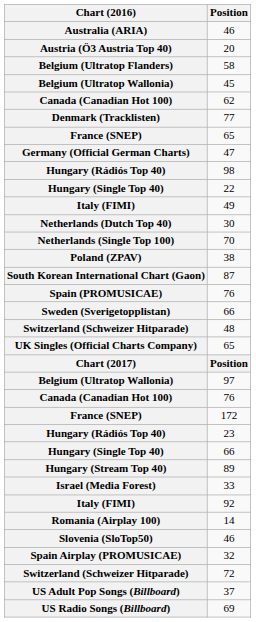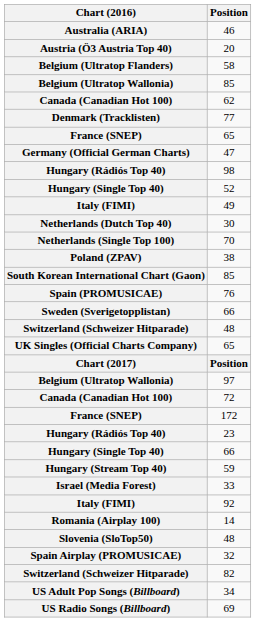 <table class="wikitable plainrowheaders sortable" style="text-align:center">
 <tr>
 <th>Chart (2016)</th>
 <th>Position</th>
 </tr>
 <tr>
 <th scope="row">Australia (ARIA)</th>
 <td>46</td>
 </tr>
 <tr>
 <th scope="row">Austria (Ö3 Austria Top 40)</th>
 <td>20</td>
 </tr>
 <tr>
 <th scope="row">Belgium (Ultratop Flanders)</th>
 <td>58</td>
 </tr>
 <tr>
 <th scope="row">Belgium (Ultratop Wallonia)</th>
-<td>45</td>
+<td>85</td>
 </tr>
 <tr>
 <th scope="row">Canada (Canadian Hot 100)</th>
 <td>62</td>
 </tr>
 <tr>
 <th scope="row">Denmark (Tracklisten)</th>
 <td>77</td>
 </tr>
 <tr>
 <th scope="row">France (SNEP)</th>
 <td>65</td>
 </tr>
 <tr>
 <th scope="row">Germany (Official German Charts)</th>
 <td>47</td>
 </tr>
 <tr>
 <th scope="row">Hungary (Rádiós Top 40)</th>
 <td>98</td>
 </tr>
 <tr>
 <th scope="row">Hungary (Single Top 40)</th>
-<td>22</td>
+<td>52</td>
 </tr>
 <tr>
 <th scope="row">Italy (FIMI)</th>
 <td>49</td>
 </tr>
 <tr>
 <th scope="row">Netherlands (Dutch Top 40)</th>
 <td>30</td>
 </tr>
 <tr>
 <th scope="row">Netherlands (Single Top 100)</th>
 <td>70</td>
 </tr>
 <tr>
 <th scope="row">Poland (ZPAV)</th>
 <td>38</td>
 </tr>
 <tr>
 <th scope="row">South Korean International Chart (Gaon)</th>
-<td>87</td>
+<td>85</td>
 </tr>
 <tr>
 <th scope="row">Spain (PROMUSICAE)</th>
 <td>76</td>
 </tr>
 <tr>
 <th scope="row">Sweden (Sverigetopplistan)</th>
 <td>66</td>
 </tr>
 <tr>
 <th scope="row">Switzerland (Schweizer Hitparade)</th>
 <td>48</td>
 </tr>
 <tr>
 <th scope="row">UK Singles (Official Charts Company)</th>
 <td>65</td>
 </tr>
 <tr>
 <th>Chart (2017)</th>
 <th>Position</th>
 </tr>
 <tr>
 <th scope="row">Belgium (Ultratop Wallonia)</th>
 <td>97</td>
 </tr>
 <tr>
 <th scope="row">Canada (Canadian Hot 100)</th>
-<td>76</td>
+<td>72</td>
 </tr>
 <tr>
 <th scope="row">France (SNEP)</th>
 <td>172</td>
 </tr>
 <tr>
 <th scope="row">Hungary (Rádiós Top 40)</th>
 <td>23</td>
 </tr>
 <tr>
 <th scope="row">Hungary (Single Top 40)</th>
 <td>66</td>
 </tr>
 <tr>
 <th scope="row">Hungary (Stream Top 40)</th>
-<td>89</td>
+<td>59</td>
 </tr>
 <tr>
 <th scope="row">Israel (Media Forest)</th>
 <td>33</td>
 </tr>
 <tr>
 <th scope="row">Italy (FIMI)</th>
 <td>92</td>
 </tr>
 <tr>
 <th scope="row">Romania (Airplay 100)</th>
 <td>14</td>
 </tr>
 <tr>
 <th scope="row">Slovenia (SloTop50)</th>
-<td>46</td>
+<td>48</td>
 </tr>
 <tr>
 <th scope="row">Spain Airplay (PROMUSICAE)</th>
 <td>32</td>
 </tr>
 <tr>
 <th scope="row">Switzerland (Schweizer Hitparade)</th>
-<td>72</td>
+<td>82</td>
 </tr>
 <tr>
 <th scope="row">US Adult Pop Songs (<em>Billboard</em>)</th>
-<td>37</td>
+<td>34</td>
 </tr>
 <tr>
 <th scope="row">US Radio Songs (<em>Billboard</em>)</th>
 <td>69</td>
 </tr>
 </table>
